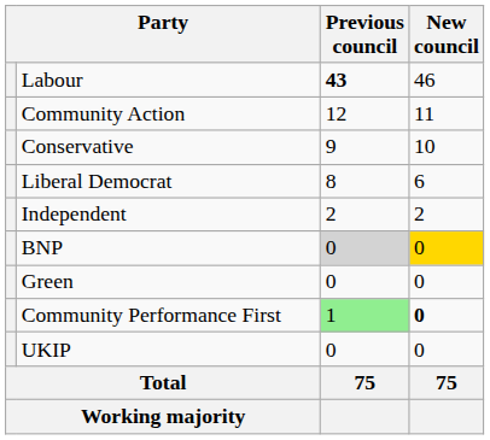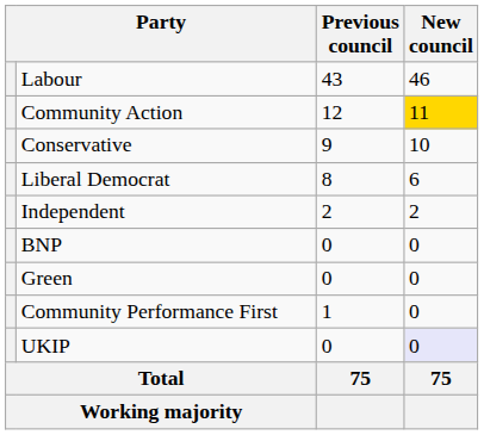 <table class="wikitable">
 <tr>
 <th valign=top colspan="2" style="width: 230px">Party</th>
 <th valign=top style="width: 30px">Previous council</th>
 <th valign=top style="width: 30px">New council</th>
 </tr>
 <tr>
 <th style="background-color: "></th>
 <td>Labour</td>
-<td><strong>43</strong></td>
+<td>43</td>
 <td>46</td>
 </tr>
 <tr>
 <th style="background-color: "></th>
 <td>Community Action</td>
 <td>12</td>
-<td>11</td>
+<td style="background: gold;">11</td>
 </tr>
 <tr>
 <th style="background-color: "></th>
 <td>Conservative</td>
 <td>9</td>
 <td>10</td>
 </tr>
 <tr>
 <th style="background-color: "></th>
 <td>Liberal Democrat</td>
 <td>8</td>
 <td>6</td>
 </tr>
 <tr>
 <th style="background-color: "></th>
 <td>Independent</td>
 <td>2</td>
 <td>2</td>
 </tr>
 <tr>
 <th style="background-color: "></th>
 <td>BNP</td>
-<td style="background: lightgrey;">0</td>
-<td style="background: gold;">0</td>
+<td>0</td>
+<td>0</td>
 </tr>
 <tr>
 <th style="background-color: "></th>
 <td>Green</td>
 <td>0</td>
 <td>0</td>
 </tr>
 <tr>
 <th style="background-color: "></th>
 <td>Community Performance First</td>
-<td style="background: lightgreen;">1</td>
-<td><strong>0</strong></td>
+<td>1</td>
+<td>0</td>
 </tr>
 <tr>
 <th style="background-color: "></th>
 <td>UKIP</td>
 <td>0</td>
-<td>0</td>
+<td style="background: lavender;">0</td>
 </tr>
 <tr>
 <th colspan=2>Total</th>
 <th style="text-align: center">75</th>
 <th colspan=3>75</th>
 </tr>
 <tr>
 <th colspan=2>Working majority</th>
 <th></th>
 <th></th>
 </tr>
 </table>
